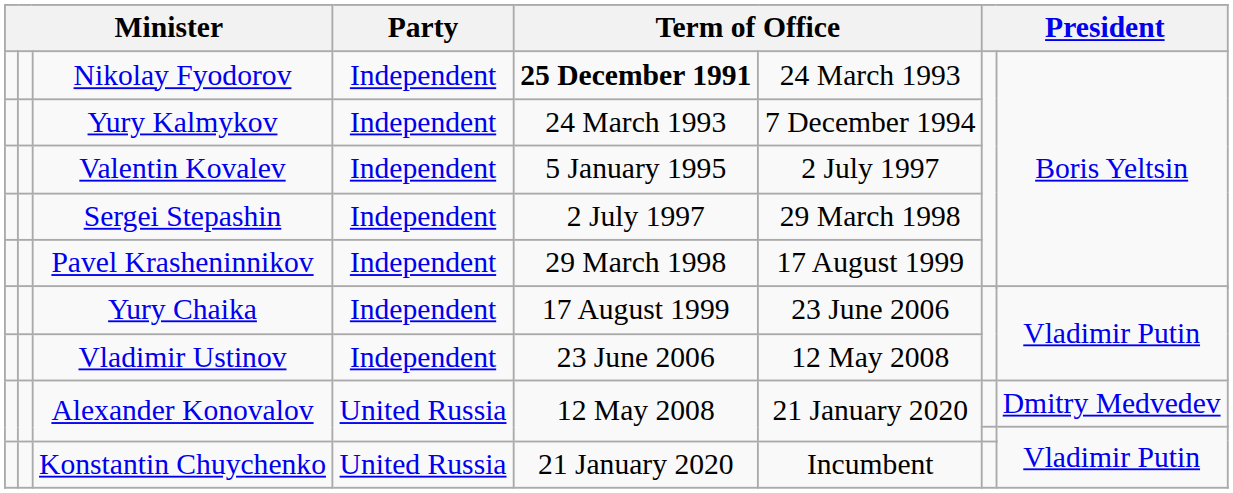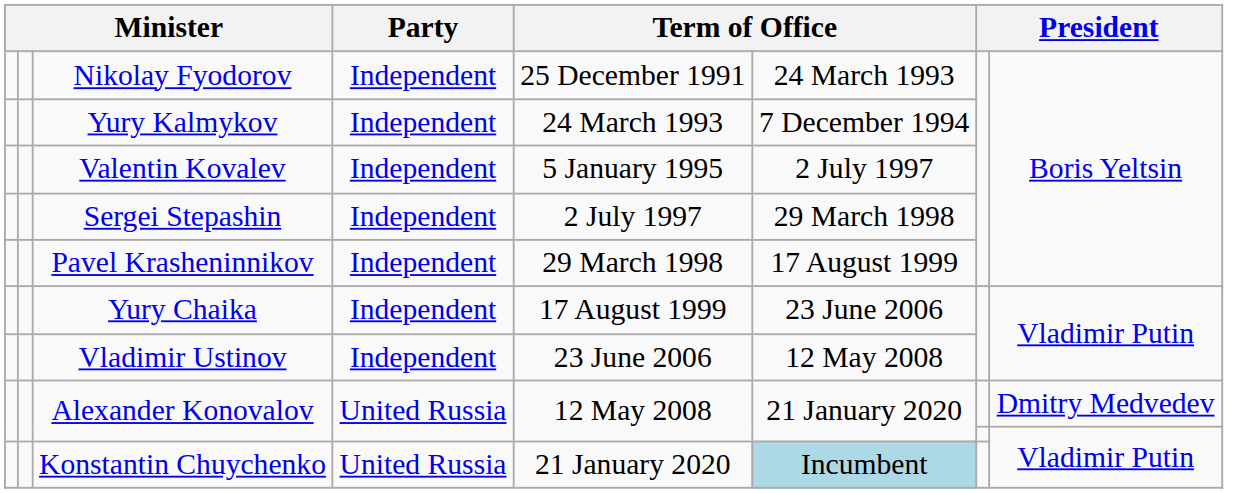 <table class="wikitable" style="text-align:center;">
 <tr>
 <th colspan=3>Minister</th>
 <th>Party</th>
 <th colspan=2>Term of Office</th>
 <th colspan=2><a href='#'>President</a></th>
 </tr>
 <tr>
 <td style="background: "></td>
 <td></td>
 <td><a href='#'>Nikolay Fyodorov</a></td>
 <td><a href='#'>Independent</a></td>
-<td><strong>25 December 1991</strong></td>
+<td>25 December 1991</td>
 <td>24 March 1993</td>
 <td rowspan=6 style="background: "></td>
 <td rowspan=6><a href='#'>Boris Yeltsin</a></td>
 </tr>
 <tr>
 <td style="background: "></td>
 <td></td>
 <td><a href='#'>Yury Kalmykov</a></td>
 <td><a href='#'>Independent</a></td>
 <td>24 March 1993</td>
 <td>7 December 1994</td>
 </tr>
 <tr>
 <td style="background: "></td>
 <td></td>
 <td><a href='#'>Valentin Kovalev</a></td>
 <td><a href='#'>Independent</a></td>
 <td>5 January 1995</td>
 <td>2 July 1997</td>
 </tr>
 <tr>
 <td style="background: "></td>
 <td></td>
 <td><a href='#'>Sergei Stepashin</a></td>
 <td><a href='#'>Independent</a></td>
 <td>2 July 1997</td>
 <td>29 March 1998</td>
 </tr>
 <tr>
 <td style="background: "></td>
 <td></td>
 <td><a href='#'>Pavel Krasheninnikov</a></td>
 <td><a href='#'>Independent</a></td>
 <td>29 March 1998</td>
 <td>17 August 1999</td>
 </tr>
 <tr>
 <td rowspan=2 style="background: "></td>
 <td rowspan=2></td>
 <td rowspan=2><a href='#'>Yury Chaika</a></td>
 <td rowspan=2><a href='#'>Independent</a></td>
 <td rowspan=2>17 August 1999</td>
 <td rowspan=2>23 June 2006</td>
 </tr>
 <tr>
 <td rowspan=2 style="background: "></td>
 <td rowspan=2><a href='#'>Vladimir Putin</a></td>
 </tr>
 <tr>
 <td style="background: "></td>
 <td></td>
 <td><a href='#'>Vladimir Ustinov</a></td>
 <td><a href='#'>Independent</a></td>
 <td>23 June 2006</td>
 <td>12 May 2008</td>
 </tr>
 <tr>
 <td rowspan=3 style="background: "></td>
 <td rowspan=3></td>
 <td rowspan=3><a href='#'>Alexander Konovalov</a></td>
 <td rowspan=3><a href='#'>United Russia</a></td>
 <td rowspan=3>12 May 2008</td>
 <td rowspan=3>21 January 2020</td>
 <td style="background: "></td>
 <td><a href='#'>Dmitry Medvedev</a></td>
 </tr>
 <tr>
 <td style="background: "></td>
 <td rowspan=3><a href='#'>Vladimir Putin</a></td>
 </tr>
 <tr>
 <td rowspan=2 style="background: "></td>
 </tr>
 <tr>
 <td style="background: "></td>
 <td></td>
 <td><a href='#'>Konstantin Chuychenko</a></td>
 <td><a href='#'>United Russia</a></td>
 <td>21 January 2020</td>
-<td>Incumbent</td>
+<td style="background: lightblue;">Incumbent</td>
 </tr>
 </table>
